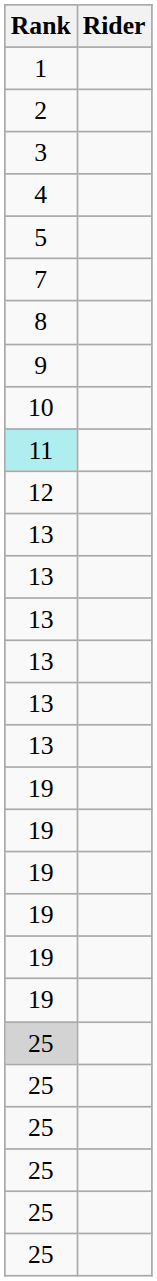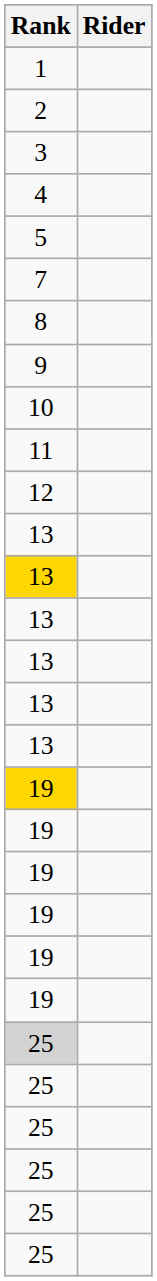 <table class="wikitable" style="font-size:95%" style="width:25em;">
 <tr>
 <th>Rank</th>
 <th>Rider</th>
 </tr>
 <tr>
 <td align=center>1</td>
 <td></td>
 </tr>
 <tr>
 <td align=center>2</td>
 <td></td>
 </tr>
 <tr>
 <td align=center>3</td>
 <td></td>
 </tr>
 <tr>
 <td align=center>4</td>
 <td></td>
 </tr>
 <tr>
 <td align=center>5</td>
 <td></td>
 </tr>
 <tr>
 <td align=center>7</td>
 <td></td>
 </tr>
 <tr>
 <td align=center>8</td>
 <td></td>
 </tr>
 <tr>
 <td align=center>9</td>
 <td></td>
 </tr>
 <tr>
 <td align=center>10</td>
 <td></td>
 </tr>
 <tr>
-<td align=center style="background: paleturquoise;">11</td>
+<td align=center>11</td>
 <td></td>
 </tr>
 <tr>
 <td align=center>12</td>
+<td></td>
+</tr>
+<tr>
+<td align=center>13</td>
+<td></td>
+</tr>
+<tr>
+<td align=center style="background: gold;">13</td>
 <td></td>
 </tr>
 <tr>
 <td align=center>13</td>
 <td></td>
 </tr>
 <tr>
 <td align=center>13</td>
 <td></td>
 </tr>
 <tr>
 <td align=center>13</td>
 <td></td>
 </tr>
 <tr>
 <td align=center>13</td>
 <td></td>
 </tr>
 <tr>
-<td align=center>13</td>
-<td></td>
-</tr>
-<tr>
-<td align=center>13</td>
-<td></td>
-</tr>
-<tr>
-<td align=center>19</td>
+<td align=center style="background: gold;">19</td>
 <td></td>
 </tr>
 <tr>
 <td align=center>19</td>
 <td></td>
 </tr>
 <tr>
 <td align=center>19</td>
 <td></td>
 </tr>
 <tr>
 <td align=center>19</td>
 <td></td>
 </tr>
 <tr>
 <td align=center>19</td>
 <td></td>
 </tr>
 <tr>
 <td align=center>19</td>
 <td></td>
 </tr>
 <tr>
 <td align=center style="background: lightgrey;">25</td>
 <td></td>
 </tr>
 <tr>
 <td align=center>25</td>
 <td></td>
 </tr>
 <tr>
 <td align=center>25</td>
 <td></td>
 </tr>
 <tr>
 <td align=center>25</td>
 <td></td>
 </tr>
 <tr>
 <td align=center>25</td>
 <td></td>
 </tr>
 <tr>
 <td align=center>25</td>
 <td></td>
 </tr>
 </table>
